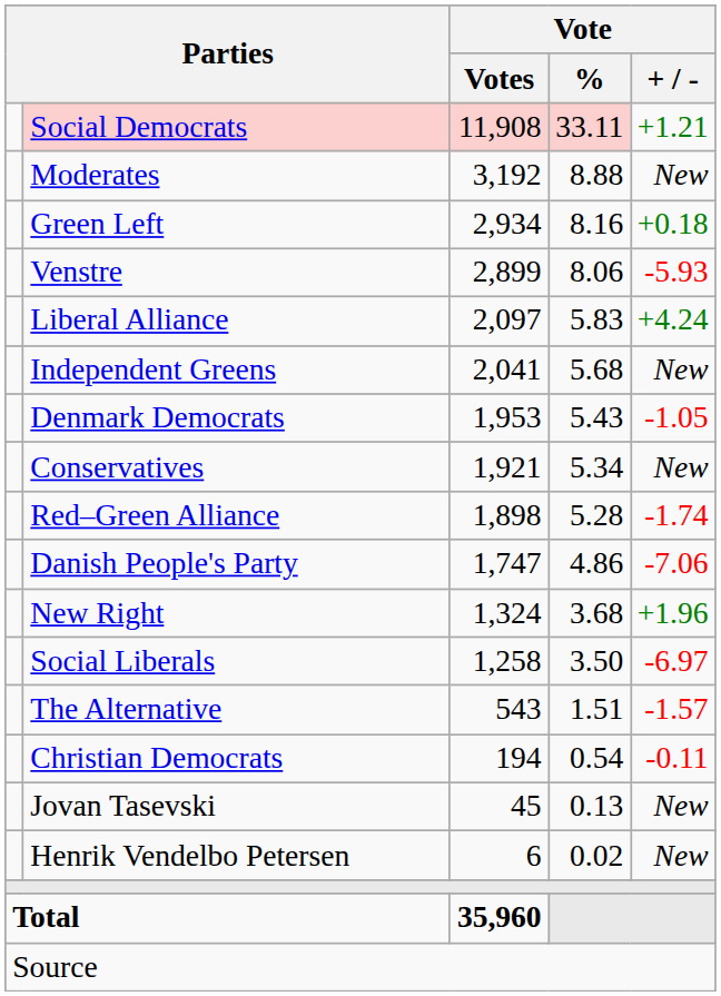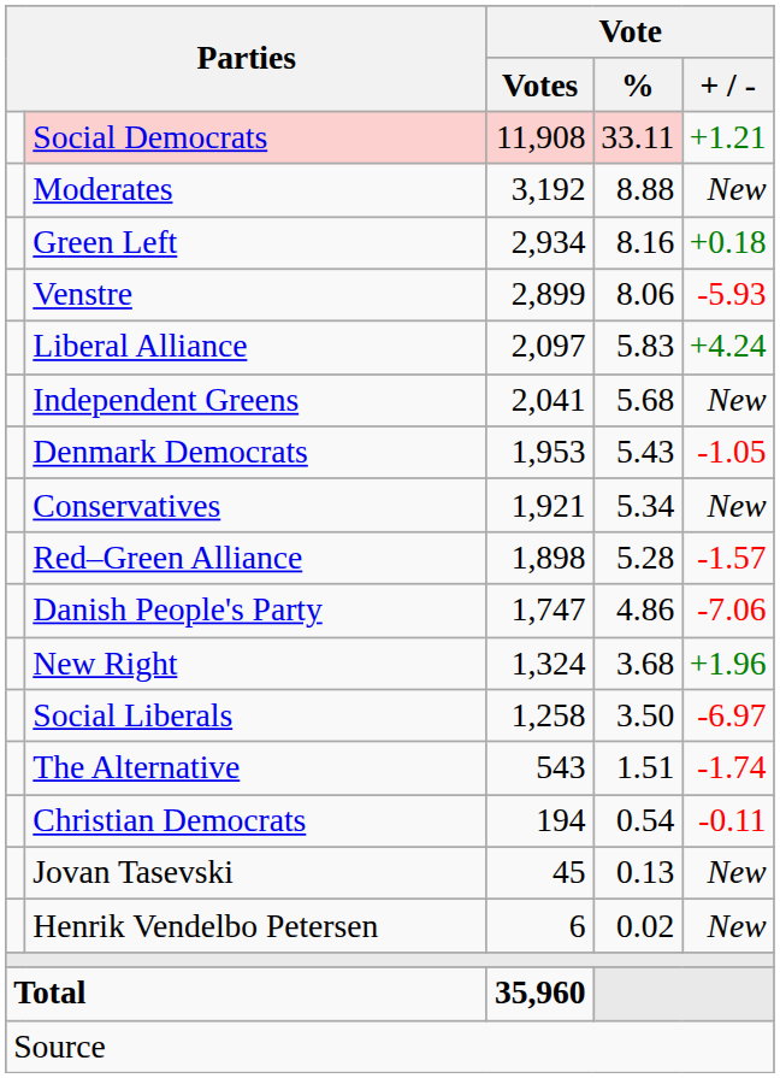 <table class="wikitable" style="text-align:right;">
 <tr>
 <th style="text-align:centre;" rowspan="2" colspan="2" width="225">Parties</th>
 <th colspan="3">Vote</th>
 </tr>
 <tr>
 <th width="15">Votes</th>
 <th width="15">%</th>
 <th width="15">+ / -</th>
 </tr>
 <tr>
 <td width="2" style="color:inherit;background:"></td>
 <td bgcolor=#fbd0ce  align="left"><a href='#'>Social Democrats</a></td>
 <td bgcolor=#fbd0ce>11,908</td>
 <td bgcolor=#fbd0ce>33.11</td>
 <td style=color:green;>+1.21</td>
 </tr>
 <tr>
 <td width="2" style="color:inherit;background:"></td>
 <td align="left"><a href='#'>Moderates</a></td>
 <td>3,192</td>
 <td>8.88</td>
 <td><em>New</em></td>
 </tr>
 <tr>
 <td width="2" style="color:inherit;background:"></td>
 <td align="left"><a href='#'>Green Left</a></td>
 <td>2,934</td>
 <td>8.16</td>
 <td style=color:green;>+0.18</td>
 </tr>
 <tr>
 <td width="2" style="color:inherit;background:"></td>
 <td align="left"><a href='#'>Venstre</a></td>
 <td>2,899</td>
 <td>8.06</td>
 <td style=color:red;>-5.93</td>
 </tr>
 <tr>
 <td width="2" style="color:inherit;background:"></td>
 <td align="left"><a href='#'>Liberal Alliance</a></td>
 <td>2,097</td>
 <td>5.83</td>
 <td style=color:green;>+4.24</td>
 </tr>
 <tr>
 <td width="2" style="color:inherit;background:"></td>
 <td align="left"><a href='#'>Independent Greens</a></td>
 <td>2,041</td>
 <td>5.68</td>
 <td><em>New</em></td>
 </tr>
 <tr>
 <td width="2" style="color:inherit;background:"></td>
 <td align="left"><a href='#'>Denmark Democrats</a></td>
 <td>1,953</td>
 <td>5.43</td>
 <td style=color:red;>-1.05</td>
 </tr>
 <tr>
 <td width="2" style="color:inherit;background:"></td>
 <td align="left"><a href='#'>Conservatives</a></td>
 <td>1,921</td>
 <td>5.34</td>
 <td><em>New</em></td>
 </tr>
 <tr>
 <td width="2" style="color:inherit;background:"></td>
 <td align="left"><a href='#'>Red–Green Alliance</a></td>
 <td>1,898</td>
 <td>5.28</td>
-<td style=color:red;>-1.74</td>
+<td style=color:red;>-1.57</td>
 </tr>
 <tr>
 <td width="2" style="color:inherit;background:"></td>
 <td align="left"><a href='#'>Danish People's Party</a></td>
 <td>1,747</td>
 <td>4.86</td>
 <td style=color:red;>-7.06</td>
 </tr>
 <tr>
 <td width="2" style="color:inherit;background:"></td>
 <td align="left"><a href='#'>New Right</a></td>
 <td>1,324</td>
 <td>3.68</td>
 <td style=color:green;>+1.96</td>
 </tr>
 <tr>
 <td width="2" style="color:inherit;background:"></td>
 <td align="left"><a href='#'>Social Liberals</a></td>
 <td>1,258</td>
 <td>3.50</td>
 <td style=color:red;>-6.97</td>
 </tr>
 <tr>
 <td width="2" style="color:inherit;background:"></td>
 <td align="left"><a href='#'>The Alternative</a></td>
 <td>543</td>
 <td>1.51</td>
-<td style=color:red;>-1.57</td>
+<td style=color:red;>-1.74</td>
 </tr>
 <tr>
 <td width="2" style="color:inherit;background:"></td>
 <td align="left"><a href='#'>Christian Democrats</a></td>
 <td>194</td>
 <td>0.54</td>
 <td style=color:red;>-0.11</td>
 </tr>
 <tr>
 <td width="2" style="color:inherit;background:"></td>
 <td align="left">Jovan Tasevski</td>
 <td>45</td>
 <td>0.13</td>
 <td><em>New</em></td>
 </tr>
 <tr>
 <td width="2" style="color:inherit;background:"></td>
 <td align="left">Henrik Vendelbo Petersen</td>
 <td>6</td>
 <td>0.02</td>
 <td><em>New</em></td>
 </tr>
 <tr>
 <td colspan="7" bgcolor="#E9E9E9"></td>
 </tr>
 <tr>
 <td align="left" colspan="2"><strong>Total</strong></td>
 <td><strong>35,960</strong></td>
 <td bgcolor="#E9E9E9" colspan="2"></td>
 </tr>
 <tr>
 <td align="left" colspan="6">Source</td>
 </tr>
 </table>
